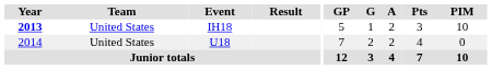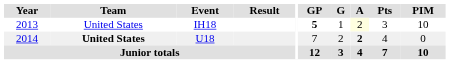 <table border="0" cellpadding="1" cellspacing="0" ID="Table3" style="text-align:center; width:40em">
 <tr ALIGN="center" bgcolor="#e0e0e0">
 <th>Year</th>
 <th>Team</th>
 <th>Event</th>
 <th>Result</th>
 <th rowspan="99" bgcolor="#ffffff"></th>
 <th>GP</th>
 <th>G</th>
 <th>A</th>
 <th>Pts</th>
 <th>PIM</th>
 </tr>
 <tr>
-<td><strong><a href='#'>2013</a></strong></td>
+<td><a href='#'>2013</a></td>
 <td><a href='#'>United States</a></td>
 <td><a href='#'>IH18</a></td>
 <td></td>
-<td>5</td>
+<td><strong>5</strong></td>
 <td>1</td>
-<td>2</td>
+<td style="background: lightyellow;">2</td>
 <td>3</td>
 <td>10</td>
 </tr>
 <tr bgcolor="#f0f0f0">
 <td><a href='#'>2014</a></td>
-<td>United States</td>
+<td><strong>United States</strong></td>
 <td><a href='#'>U18</a></td>
 <td></td>
 <td>7</td>
 <td>2</td>
-<td>2</td>
+<td><strong>2</strong></td>
 <td>4</td>
 <td>0</td>
 </tr>
 <tr bgcolor="#e0e0e0">
 <th colspan="4">Junior totals</th>
 <th>12</th>
 <th>3</th>
 <th>4</th>
 <th>7</th>
 <th>10</th>
 </tr>
 </table>
